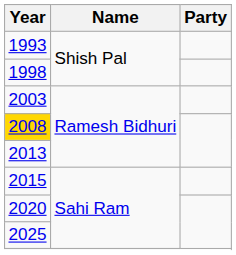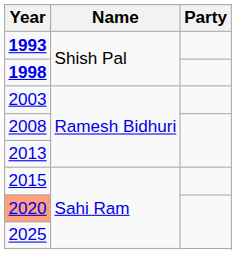 <table class="wikitable">
 <tr>
 <th>Year</th>
 <th>Name</th>
 <th colspan=2>Party</th>
 </tr>
 <tr>
-<td><a href='#'>1993</a></td>
+<td><strong><a href='#'>1993</a></strong></td>
 <td rowspan="2">Shish Pal</td>
 <td></td>
 </tr>
 <tr>
-<td><a href='#'>1998</a></td>
+<td><strong><a href='#'>1998</a></strong></td>
 <td></td>
 </tr>
 <tr>
 <td><a href='#'>2003</a></td>
 <td rowspan="3"><a href='#'>Ramesh Bidhuri</a></td>
 <td></td>
 </tr>
 <tr>
-<td style="background: gold;"><a href='#'>2008</a></td>
+<td><a href='#'>2008</a></td>
 </tr>
 <tr>
 <td><a href='#'>2013</a></td>
 </tr>
 <tr>
 <td><a href='#'>2015</a></td>
 <td rowspan="3"><a href='#'>Sahi Ram</a></td>
 <td></td>
 </tr>
 <tr>
-<td><a href='#'>2020</a></td>
+<td style="background: lightsalmon;"><a href='#'>2020</a></td>
 </tr>
 <tr>
 <td><a href='#'>2025</a></td>
 </tr>
 <tr>
 </tr>
 </table>
